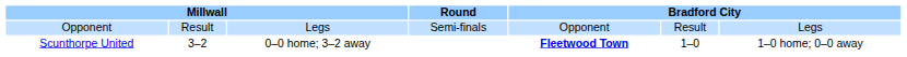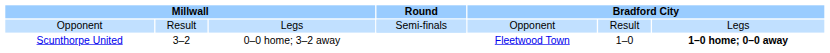 <table width="100%" bgcolor=white>
 <tr valign=top bgcolor=#99ccff>
 <th colspan=3 style="width:1*"><strong>Millwall</strong></th>
 <th><strong>Round</strong></th>
 <th colspan=3 style="width:1*"><strong> Bradford City</strong></th>
 </tr>
 <tr valign=top align="center" bgcolor=#c1e0ff>
 <td>Opponent</td>
 <td>Result</td>
 <td>Legs</td>
 <td bgcolor=#c1e0ff>Semi-finals</td>
 <td>Opponent</td>
 <td>Result</td>
 <td>Legs</td>
 </tr>
 <tr align="center">
 <td><a href='#'>Scunthorpe United</a></td>
 <td>3–2</td>
 <td>0–0 home; 3–2 away</td>
 <td></td>
-<td><strong><a href='#'>Fleetwood Town</a></strong></td>
+<td><a href='#'>Fleetwood Town</a></td>
 <td>1–0</td>
-<td>1–0 home; 0–0 away</td>
+<td><strong>1–0 home; 0–0 away</strong></td>
 </tr>
 </table>
